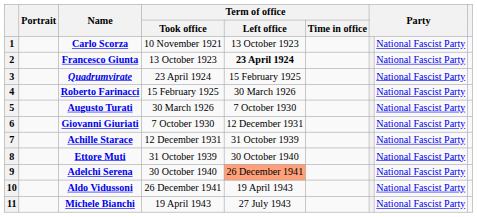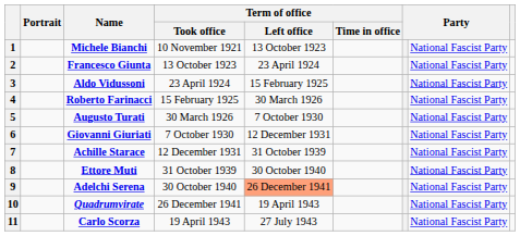 <table class="wikitable" style="text-align:center;">
 <tr>
 <th rowspan=2></th>
 <th rowspan=2>Portrait</th>
 <th rowspan=2>Name<br></th>
 <th colspan=3>Term of office</th>
 <th colspan=2 rowspan=2>Party</th>
 <th rowspan=2></th>
 </tr>
 <tr>
 <th>Took office</th>
 <th>Left office</th>
 <th>Time in office</th>
 </tr>
 <tr>
 <th>1</th>
 <td></td>
-<td><strong><a href='#'>Carlo Scorza</a></strong><br></td>
+<td><strong><a href='#'>Michele Bianchi</a></strong><br></td>
 <td>10 November 1921</td>
 <td>13 October 1923</td>
 <td></td>
 <th style="background: "></th>
 <td><a href='#'>National Fascist Party</a></td>
 <td></td>
 </tr>
 <tr>
 <th>2</th>
 <td></td>
 <td><strong><a href='#'>Francesco Giunta</a></strong><br></td>
 <td>13 October 1923</td>
-<td><strong>23 April 1924</strong></td>
+<td>23 April 1924</td>
 <td></td>
 <th style="background: "></th>
 <td><a href='#'>National Fascist Party</a></td>
 <td></td>
 </tr>
 <tr>
 <th>3</th>
 <td></td>
-<td><strong><em><a href='#'>Quadrumvirate</a></em></strong></td>
+<td><strong><a href='#'>Aldo Vidussoni</a></strong><br></td>
 <td>23 April 1924</td>
 <td>15 February 1925</td>
 <td></td>
 <th style="background: "></th>
 <td><a href='#'>National Fascist Party</a></td>
 <td></td>
 </tr>
 <tr>
 <th>4</th>
 <td></td>
 <td><strong><a href='#'>Roberto Farinacci</a></strong><br></td>
 <td>15 February 1925</td>
 <td>30 March 1926</td>
 <td></td>
 <th style="background: "></th>
 <td><a href='#'>National Fascist Party</a></td>
 <td></td>
 </tr>
 <tr>
 <th>5</th>
 <td></td>
 <td><strong><a href='#'>Augusto Turati</a></strong><br></td>
 <td>30 March 1926</td>
 <td>7 October 1930</td>
 <td></td>
 <th style="background: "></th>
 <td><a href='#'>National Fascist Party</a></td>
 <td></td>
 </tr>
 <tr>
 <th>6</th>
 <td></td>
 <td><strong><a href='#'>Giovanni Giuriati</a></strong><br></td>
 <td>7 October 1930</td>
 <td>12 December 1931</td>
 <td></td>
 <th style="background: "></th>
 <td><a href='#'>National Fascist Party</a></td>
 <td></td>
 </tr>
 <tr>
 <th>7</th>
 <td></td>
 <td><strong><a href='#'>Achille Starace</a></strong><br></td>
 <td>12 December 1931</td>
 <td>31 October 1939</td>
 <td></td>
 <th style="background: "></th>
 <td><a href='#'>National Fascist Party</a></td>
 <td></td>
 </tr>
 <tr>
 <th>8</th>
 <td></td>
 <td><strong><a href='#'>Ettore Muti</a></strong><br></td>
 <td>31 October 1939</td>
 <td>30 October 1940</td>
 <td></td>
 <th style="background: "></th>
 <td><a href='#'>National Fascist Party</a></td>
 <td></td>
 </tr>
 <tr>
 <th>9</th>
 <td></td>
 <td><strong><a href='#'>Adelchi Serena</a></strong><br></td>
 <td>30 October 1940</td>
 <td style="background: lightsalmon;">26 December 1941</td>
 <td></td>
 <th style="background: "></th>
 <td><a href='#'>National Fascist Party</a></td>
 <td></td>
 </tr>
 <tr>
 <th>10</th>
 <td></td>
-<td><strong><a href='#'>Aldo Vidussoni</a></strong><br></td>
+<td><strong><em><a href='#'>Quadrumvirate</a></em></strong></td>
 <td>26 December 1941</td>
 <td>19 April 1943</td>
 <td></td>
 <th style="background: "></th>
 <td><a href='#'>National Fascist Party</a></td>
 <td></td>
 </tr>
 <tr>
 <th>11</th>
 <td></td>
-<td><strong><a href='#'>Michele Bianchi</a></strong><br></td>
+<td><strong><a href='#'>Carlo Scorza</a></strong><br></td>
 <td>19 April 1943</td>
 <td>27 July 1943</td>
 <td></td>
 <th style="background: "></th>
 <td><a href='#'>National Fascist Party</a></td>
 <td></td>
 </tr>
 </table>
